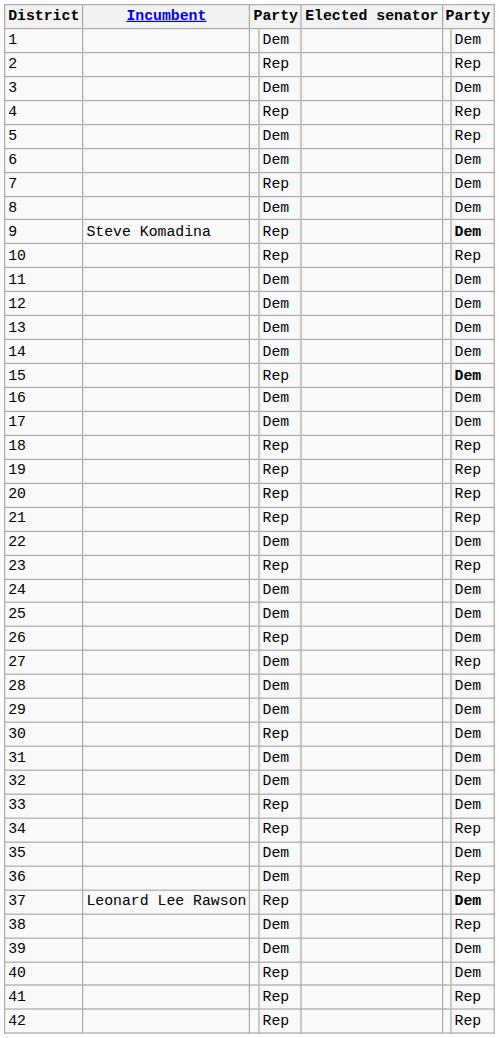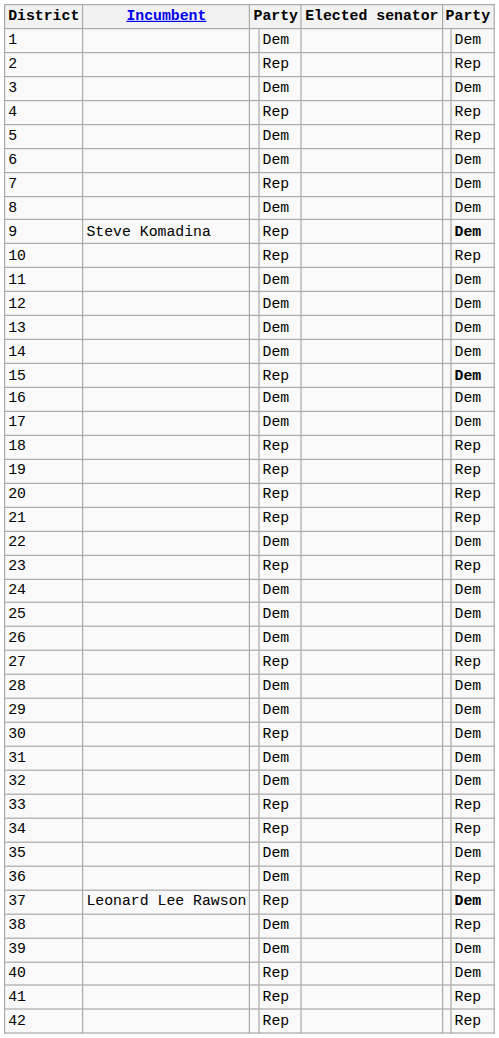 <table class="wikitable sortable" style="font-size:95%;line-height:14px;">
 <tr>
 <th>District</th>
 <th><a href='#'>Incumbent</a></th>
 <th colspan=2>Party</th>
 <th>Elected senator</th>
 <th colspan=2>Party</th>
 </tr>
 <tr>
 <td>1</td>
 <td></td>
 <td style="background:"></td>
 <td>Dem</td>
 <td></td>
 <td style="background:"></td>
 <td>Dem</td>
 </tr>
 <tr>
 <td>2</td>
 <td></td>
 <td style="background:"></td>
 <td>Rep</td>
 <td></td>
 <td style="background:"></td>
 <td>Rep</td>
 </tr>
 <tr>
 <td>3</td>
 <td></td>
 <td style="background:"></td>
 <td>Dem</td>
 <td></td>
 <td style="background:"></td>
 <td>Dem</td>
 </tr>
 <tr>
 <td>4</td>
 <td></td>
 <td style="background:"></td>
 <td>Rep</td>
 <td></td>
 <td style="background:"></td>
 <td>Rep</td>
 </tr>
 <tr>
 <td>5</td>
 <td></td>
 <td style="background:"></td>
 <td>Dem</td>
 <td></td>
 <td style="background:"></td>
 <td>Rep</td>
 </tr>
 <tr>
 <td>6</td>
 <td></td>
 <td style="background:"></td>
 <td>Dem</td>
 <td></td>
 <td style="background:"></td>
 <td>Dem</td>
 </tr>
 <tr>
 <td>7</td>
 <td></td>
 <td style="background:"></td>
 <td>Rep</td>
 <td></td>
 <td style="background:"></td>
 <td>Dem</td>
 </tr>
 <tr>
 <td>8</td>
 <td></td>
 <td style="background:"></td>
 <td>Dem</td>
 <td></td>
 <td style="background:"></td>
 <td>Dem</td>
 </tr>
 <tr>
 <td>9</td>
 <td>Steve Komadina</td>
 <td style="background:"></td>
 <td>Rep</td>
 <td><strong></strong></td>
 <td style="background:"></td>
 <td><strong>Dem</strong></td>
 </tr>
 <tr>
 <td>10</td>
 <td></td>
 <td style="background:"></td>
 <td>Rep</td>
 <td></td>
 <td style="background:"></td>
 <td>Rep</td>
 </tr>
 <tr>
 <td>11</td>
 <td></td>
 <td style="background:"></td>
 <td>Dem</td>
 <td></td>
 <td style="background:"></td>
 <td>Dem</td>
 </tr>
 <tr>
 <td>12</td>
 <td></td>
 <td style="background:"></td>
 <td>Dem</td>
 <td></td>
 <td style="background:"></td>
 <td>Dem</td>
 </tr>
 <tr>
 <td>13</td>
 <td></td>
 <td style="background:"></td>
 <td>Dem</td>
 <td></td>
 <td style="background:"></td>
 <td>Dem</td>
 </tr>
 <tr>
 <td>14</td>
 <td></td>
 <td style="background:"></td>
 <td>Dem</td>
 <td></td>
 <td style="background:"></td>
 <td>Dem</td>
 </tr>
 <tr>
 <td>15</td>
 <td></td>
 <td style="background:"></td>
 <td>Rep</td>
 <td><strong></strong></td>
 <td style="background:"></td>
 <td><strong>Dem</strong></td>
 </tr>
 <tr>
 <td>16</td>
 <td></td>
 <td style="background:"></td>
 <td>Dem</td>
 <td></td>
 <td style="background:"></td>
 <td>Dem</td>
 </tr>
 <tr>
 <td>17</td>
 <td></td>
 <td style="background:"></td>
 <td>Dem</td>
 <td></td>
 <td style="background:"></td>
 <td>Dem</td>
 </tr>
 <tr>
 <td>18</td>
 <td></td>
 <td style="background:"></td>
 <td>Rep</td>
 <td></td>
 <td style="background:"></td>
 <td>Rep</td>
 </tr>
 <tr>
 <td>19</td>
 <td></td>
 <td style="background:"></td>
 <td>Rep</td>
 <td></td>
 <td style="background:"></td>
 <td>Rep</td>
 </tr>
 <tr>
 <td>20</td>
 <td></td>
 <td style="background:"></td>
 <td>Rep</td>
 <td></td>
 <td style="background:"></td>
 <td>Rep</td>
 </tr>
 <tr>
 <td>21</td>
 <td></td>
 <td style="background:"></td>
 <td>Rep</td>
 <td></td>
 <td style="background:"></td>
 <td>Rep</td>
 </tr>
 <tr>
 <td>22</td>
 <td></td>
 <td style="background:"></td>
 <td>Dem</td>
 <td></td>
 <td style="background:"></td>
 <td>Dem</td>
 </tr>
 <tr>
 <td>23</td>
 <td></td>
 <td style="background:"></td>
 <td>Rep</td>
 <td></td>
 <td style="background:"></td>
 <td>Rep</td>
 </tr>
 <tr>
 <td>24</td>
 <td></td>
 <td style="background:"></td>
 <td>Dem</td>
 <td></td>
 <td style="background:"></td>
 <td>Dem</td>
 </tr>
 <tr>
 <td>25</td>
 <td></td>
 <td style="background:"></td>
 <td>Dem</td>
 <td></td>
 <td style="background:"></td>
 <td>Dem</td>
 </tr>
 <tr>
 <td>26</td>
 <td></td>
 <td style="background:"></td>
-<td>Rep</td>
+<td>Dem</td>
 <td></td>
 <td style="background:"></td>
 <td>Dem</td>
 </tr>
 <tr>
 <td>27</td>
 <td></td>
 <td style="background:"></td>
-<td>Dem</td>
+<td>Rep</td>
 <td></td>
 <td style="background:"></td>
 <td>Rep</td>
 </tr>
 <tr>
 <td>28</td>
 <td></td>
 <td style="background:"></td>
 <td>Dem</td>
 <td></td>
 <td style="background:"></td>
 <td>Dem</td>
 </tr>
 <tr>
 <td>29</td>
 <td></td>
 <td style="background:"></td>
 <td>Dem</td>
 <td></td>
 <td style="background:"></td>
 <td>Dem</td>
 </tr>
 <tr>
 <td>30</td>
 <td></td>
 <td style="background:"></td>
 <td>Rep</td>
 <td></td>
 <td style="background:"></td>
 <td>Dem</td>
 </tr>
 <tr>
 <td>31</td>
 <td></td>
 <td style="background:"></td>
 <td>Dem</td>
 <td></td>
 <td style="background:"></td>
 <td>Dem</td>
 </tr>
 <tr>
 <td>32</td>
 <td></td>
 <td style="background:"></td>
 <td>Dem</td>
 <td></td>
 <td style="background:"></td>
 <td>Dem</td>
 </tr>
 <tr>
 <td>33</td>
 <td></td>
 <td style="background:"></td>
 <td>Rep</td>
 <td></td>
 <td style="background:"></td>
-<td>Dem</td>
+<td>Rep</td>
 </tr>
 <tr>
 <td>34</td>
 <td></td>
 <td style="background:"></td>
 <td>Rep</td>
 <td></td>
 <td style="background:"></td>
 <td>Rep</td>
 </tr>
 <tr>
 <td>35</td>
 <td></td>
 <td style="background:"></td>
 <td>Dem</td>
 <td></td>
 <td style="background:"></td>
 <td>Dem</td>
 </tr>
 <tr>
 <td>36</td>
 <td></td>
 <td style="background:"></td>
 <td>Dem</td>
 <td></td>
 <td style="background:"></td>
 <td>Rep</td>
 </tr>
 <tr>
 <td>37</td>
 <td>Leonard Lee Rawson</td>
 <td style="background:"></td>
 <td>Rep</td>
 <td><strong></strong></td>
 <td style="background:"></td>
 <td><strong>Dem</strong></td>
 </tr>
 <tr>
 <td>38</td>
 <td></td>
 <td style="background:"></td>
 <td>Dem</td>
 <td></td>
 <td style="background:"></td>
 <td>Rep</td>
 </tr>
 <tr>
 <td>39</td>
 <td></td>
 <td style="background:"></td>
 <td>Dem</td>
 <td></td>
 <td style="background:"></td>
 <td>Dem</td>
 </tr>
 <tr>
 <td>40</td>
 <td></td>
 <td style="background:"></td>
 <td>Rep</td>
 <td></td>
 <td style="background:"></td>
 <td>Dem</td>
 </tr>
 <tr>
 <td>41</td>
 <td></td>
 <td style="background:"></td>
 <td>Rep</td>
 <td></td>
 <td style="background:"></td>
 <td>Rep</td>
 </tr>
 <tr>
 <td>42</td>
 <td></td>
 <td style="background:"></td>
 <td>Rep</td>
 <td></td>
 <td style="background:"></td>
 <td>Rep</td>
 </tr>
 </table>
